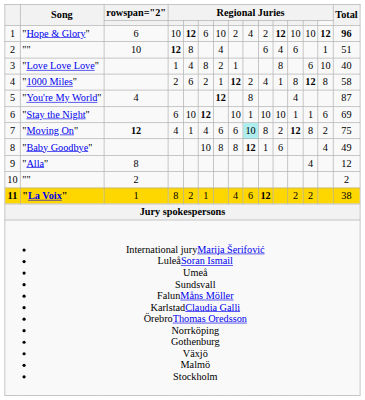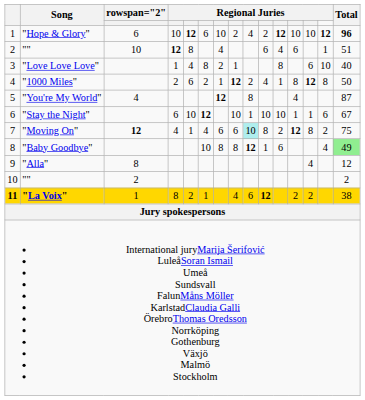 <table class="wikitable" style="margin: 1em auto 1em auto; text-align:center;">
 <tr>
 <th rowspan="2"></th>
 <th rowspan="2">Song</th>
 <th>rowspan="2" </th>
 <th colspan="11">Regional Juries</th>
 <th rowspan="2">Total</th>
 </tr>
 <tr>
 <th></th>
 <th></th>
 <th></th>
 <th></th>
 <th></th>
 <th></th>
 <th></th>
 <th></th>
 <th></th>
 <th></th>
 <th></th>
 </tr>
 <tr>
 <td>1</td>
 <td align="left">"<a href='#'>Hope & Glory</a>"</td>
 <td>6</td>
 <td>10</td>
 <td><strong>12</strong></td>
 <td>6</td>
 <td>10</td>
 <td>2</td>
 <td>4</td>
 <td>2</td>
 <td><strong>12</strong></td>
 <td>10</td>
 <td>10</td>
 <td><strong>12</strong></td>
 <td><strong>96</strong></td>
 </tr>
 <tr>
 <td>2</td>
 <td align="left">""</td>
 <td>10</td>
 <td><strong>12</strong></td>
 <td>8</td>
 <td></td>
 <td>4</td>
 <td></td>
 <td></td>
 <td>6</td>
 <td>4</td>
 <td>6</td>
 <td></td>
 <td>1</td>
 <td>51</td>
 </tr>
 <tr>
 <td>3</td>
 <td align="left">"<a href='#'>Love Love Love</a>"</td>
 <td></td>
 <td>1</td>
 <td>4</td>
 <td>8</td>
 <td>2</td>
 <td>1</td>
 <td></td>
 <td></td>
 <td>8</td>
 <td></td>
 <td>6</td>
 <td>10</td>
 <td>40</td>
 </tr>
 <tr>
 <td>4</td>
 <td align="left">"<a href='#'>1000 Miles</a>"</td>
 <td></td>
 <td>2</td>
 <td>6</td>
 <td>2</td>
 <td>1</td>
 <td><strong>12</strong></td>
 <td>2</td>
 <td>4</td>
 <td>1</td>
 <td>8</td>
 <td><strong>12</strong></td>
 <td>8</td>
-<td>58</td>
+<td>50</td>
 </tr>
 <tr>
 <td>5</td>
 <td align="left">"<a href='#'>You're My World</a>"</td>
 <td>4</td>
 <td></td>
 <td></td>
 <td></td>
 <td><strong>12</strong></td>
 <td></td>
 <td>8</td>
 <td></td>
 <td></td>
 <td>4</td>
 <td></td>
 <td></td>
 <td>87</td>
 </tr>
 <tr>
 <td>6</td>
 <td align="left">"<a href='#'>Stay the Night</a>"</td>
 <td></td>
 <td>6</td>
 <td>10</td>
 <td><strong>12</strong></td>
 <td></td>
 <td>10</td>
 <td>1</td>
 <td>10</td>
 <td>10</td>
 <td>1</td>
 <td>1</td>
 <td>6</td>
-<td>69</td>
+<td>67</td>
 </tr>
 <tr>
 <td>7</td>
 <td align="left">"<a href='#'>Moving On</a>"</td>
 <td><strong>12</strong></td>
 <td>4</td>
 <td>1</td>
 <td>4</td>
 <td>6</td>
 <td>6</td>
 <td style="background: paleturquoise;">10</td>
 <td>8</td>
 <td>2</td>
 <td><strong>12</strong></td>
 <td>8</td>
 <td>2</td>
 <td>75</td>
 </tr>
 <tr>
 <td>8</td>
 <td align="left">"<a href='#'>Baby Goodbye</a>"</td>
 <td></td>
 <td></td>
 <td></td>
 <td>10</td>
 <td>8</td>
 <td>8</td>
 <td><strong>12</strong></td>
 <td>1</td>
 <td>6</td>
 <td></td>
 <td></td>
 <td>4</td>
-<td>49</td>
+<td style="background: lightgreen;">49</td>
 </tr>
 <tr>
 <td>9</td>
 <td align="left">"<a href='#'>Alla</a>"</td>
 <td>8</td>
 <td></td>
 <td></td>
 <td></td>
 <td></td>
 <td></td>
 <td></td>
 <td></td>
 <td></td>
 <td></td>
 <td>4</td>
 <td></td>
 <td>12</td>
 </tr>
 <tr>
 <td>10</td>
 <td align="left">""</td>
 <td>2</td>
 <td></td>
 <td></td>
 <td></td>
 <td></td>
 <td></td>
 <td></td>
 <td></td>
 <td></td>
 <td></td>
 <td></td>
 <td></td>
 <td>2</td>
 </tr>
 <tr style="background:gold;">
 <td><strong>11</strong></td>
 <td align="left"><strong>"<a href='#'><span>La Voix</span></a>"</strong></td>
 <td>1</td>
 <td>8</td>
 <td>2</td>
 <td>1</td>
 <td></td>
 <td>4</td>
 <td>6</td>
 <td><strong>12</strong></td>
 <td></td>
 <td>2</td>
 <td>2</td>
 <td></td>
 <td>38</td>
 </tr>
 <tr class="sortbottom">
 <th colspan="15">Jury spokespersons</th>
 </tr>
 <tr class="sortbottom">
 <td colspan="15"><br><ul><li>International jury<a href='#'>Marija Šerifović</a></li><li>Luleå<a href='#'>Soran Ismail</a></li><li>Umeå</li><li>Sundsvall</li><li>Falun<a href='#'>Måns Möller</a></li><li>Karlstad<a href='#'>Claudia Galli</a></li><li>Örebro<a href='#'>Thomas Oredsson</a></li><li>Norrköping</li><li>Gothenburg</li><li>Växjö</li><li>Malmö</li><li>Stockholm</li></ul></td>
 </tr>
 </table>
